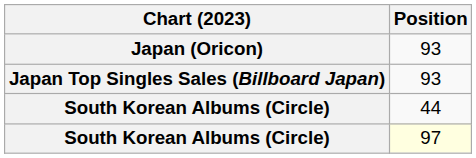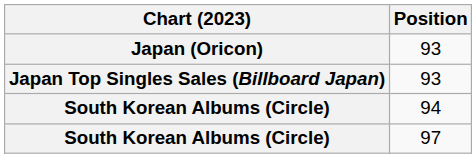 <table class="wikitable sortable plainrowheaders" style="text-align:center">
 <tr>
 <th scope="col">Chart (2023)</th>
 <th scope="col">Position</th>
 </tr>
 <tr>
 <th scope="row">Japan (Oricon)</th>
 <td>93</td>
 </tr>
 <tr>
 <th scope="row">Japan Top Singles Sales (<em>Billboard Japan</em>)</th>
 <td>93</td>
 </tr>
 <tr>
 <th scope="row">South Korean Albums (Circle)</th>
-<td>44</td>
+<td>94</td>
 </tr>
 <tr>
 <th scope="row">South Korean Albums (Circle)<br></th>
-<td style="background: lightyellow;">97</td>
+<td>97</td>
 </tr>
 </table>
